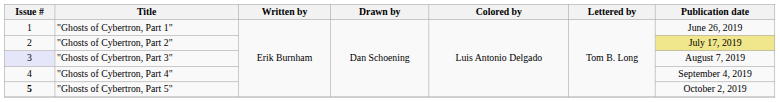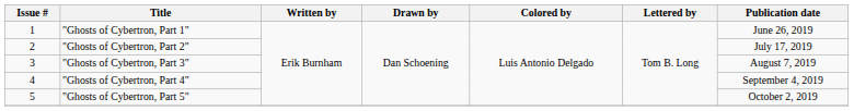 <table class="wikitable" style="text-align: center;" width="100%;">
 <tr>
 <th>Issue #</th>
 <th>Title</th>
 <th>Written by</th>
 <th>Drawn by</th>
 <th>Colored by</th>
 <th>Lettered by</th>
 <th>Publication date</th>
 </tr>
 <tr>
 <td>1</td>
 <td style="text-align: left;">"Ghosts of Cybertron, Part 1"</td>
 <td rowspan="5">Erik Burnham</td>
 <td rowspan="5">Dan Schoening</td>
 <td rowspan="5">Luis Antonio Delgado</td>
 <td rowspan="5">Tom B. Long</td>
 <td>June 26, 2019</td>
 </tr>
 <tr>
 <td>2</td>
 <td style="text-align: left;">"Ghosts of Cybertron, Part 2"</td>
-<td style="background: khaki;">July 17, 2019</td>
+<td>July 17, 2019</td>
 </tr>
 <tr>
-<td style="background: lavender;">3</td>
+<td>3</td>
 <td style="text-align: left;">"Ghosts of Cybertron, Part 3"</td>
 <td>August 7, 2019</td>
 </tr>
 <tr>
 <td>4</td>
 <td style="text-align: left;">"Ghosts of Cybertron, Part 4"</td>
 <td>September 4, 2019</td>
 </tr>
 <tr>
-<td><strong>5</strong></td>
+<td>5</td>
 <td style="text-align: left;">"Ghosts of Cybertron, Part 5"</td>
 <td>October 2, 2019</td>
 </tr>
 <tr>
 </tr>
 </table>
